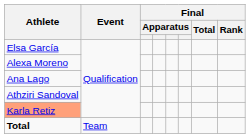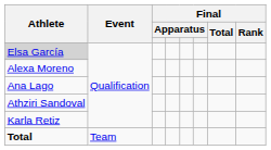 <table class="wikitable" style="font-size:90%">
 <tr>
 <th rowspan=3>Athlete</th>
 <th rowspan=3>Event</th>
 <th colspan=6>Final</th>
 </tr>
 <tr style="font-size:95%">
 <th colspan=4>Apparatus</th>
 <th rowspan=2>Total</th>
 <th rowspan=2>Rank</th>
 </tr>
 <tr style="font-size:95%">
 <th></th>
 <th></th>
 <th></th>
 <th></th>
 </tr>
 <tr align=center>
-<td align=left><a href='#'>Elsa García</a></td>
+<td align=left style="background: lightgrey;"><a href='#'>Elsa García</a></td>
 <td style="text-align:left;" rowspan="5"><a href='#'>Qualification</a></td>
 <td></td>
 <td></td>
 <td></td>
 <td></td>
 <td></td>
 <td></td>
 </tr>
 <tr align=center>
 <td align=left><a href='#'>Alexa Moreno</a></td>
 <td></td>
 <td></td>
 <td></td>
 <td></td>
 <td></td>
 <td></td>
 </tr>
 <tr align=center>
 <td align=left><a href='#'>Ana Lago</a></td>
 <td></td>
 <td></td>
 <td></td>
 <td></td>
 <td></td>
 <td></td>
 </tr>
 <tr align=center>
 <td align=left><a href='#'>Athziri Sandoval</a></td>
 <td></td>
 <td></td>
 <td></td>
 <td></td>
 <td></td>
 <td></td>
 </tr>
 <tr align=center>
-<td align=left style="background: lightsalmon;"><a href='#'>Karla Retiz</a></td>
+<td align=left><a href='#'>Karla Retiz</a></td>
 <td></td>
 <td></td>
 <td></td>
 <td></td>
 <td></td>
 <td></td>
 </tr>
 <tr align=center>
 <td align=left><strong>Total</strong></td>
 <td style="text-align:left;"><a href='#'>Team</a></td>
 <td></td>
 <td></td>
 <td></td>
 <td></td>
 <td></td>
 <td></td>
 </tr>
 </table>
